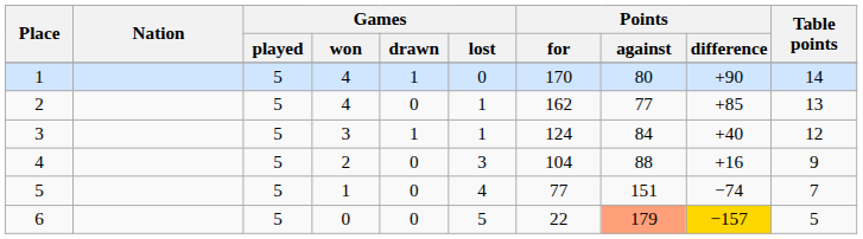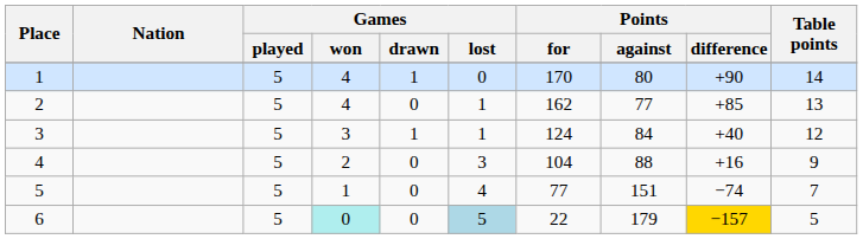 <table class="wikitable">
 <tr>
 <th rowspan=2 width="8%">Place</th>
 <th rowspan=2 width="20%">Nation</th>
 <th colspan=4 width="32%">Games</th>
 <th colspan=3 width="30%">Points</th>
 <th rowspan=2 width="10%">Table<br>points</th>
 </tr>
 <tr>
 <th width="8%">played</th>
 <th width="8%">won</th>
 <th width="8%">drawn</th>
 <th width="8%">lost</th>
 <th width="10%">for</th>
 <th width="10%">against</th>
 <th width="10%">difference</th>
 </tr>
 <tr>
 </tr>
 <tr align=center |-width=10px bgcolor="#D0E6FF">
 <td>1</td>
 <td align=left></td>
 <td>5</td>
 <td>4</td>
 <td>1</td>
 <td>0</td>
 <td>170</td>
 <td>80</td>
 <td>+90</td>
 <td>14</td>
 </tr>
 <tr align=center |-width=10px>
 <td>2</td>
 <td align=left></td>
 <td>5</td>
 <td>4</td>
 <td>0</td>
 <td>1</td>
 <td>162</td>
 <td>77</td>
 <td>+85</td>
 <td>13</td>
 </tr>
 <tr align=center>
 <td>3</td>
 <td align=left></td>
 <td>5</td>
 <td>3</td>
 <td>1</td>
 <td>1</td>
 <td>124</td>
 <td>84</td>
 <td>+40</td>
 <td>12</td>
 </tr>
 <tr align=center |-width=10px>
 <td>4</td>
 <td align=left></td>
 <td>5</td>
 <td>2</td>
 <td>0</td>
 <td>3</td>
 <td>104</td>
 <td>88</td>
 <td>+16</td>
 <td>9</td>
 </tr>
 <tr align=center |-width=10px>
 <td>5</td>
 <td align=left></td>
 <td>5</td>
 <td>1</td>
 <td>0</td>
 <td>4</td>
 <td>77</td>
 <td>151</td>
 <td>−74</td>
 <td>7</td>
 </tr>
 <tr align=center>
 <td>6</td>
 <td align=left></td>
 <td>5</td>
+<td style="background: paleturquoise;">0</td>
 <td>0</td>
-<td>0</td>
-<td>5</td>
+<td style="background: lightblue;">5</td>
 <td>22</td>
-<td style="background: lightsalmon;">179</td>
+<td>179</td>
 <td style="background: gold;">−157</td>
 <td>5</td>
 </tr>
 </table>
